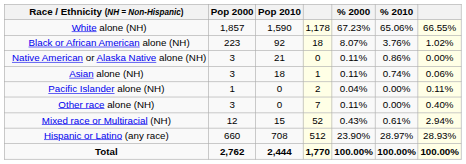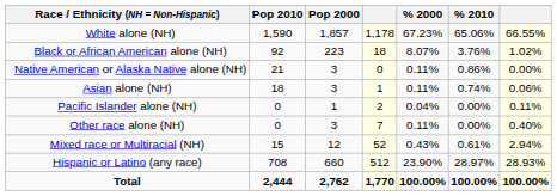 <table class="wikitable" style="text-align:center;">
 <tr>
 <th>Race / Ethnicity <small>(<em>NH = Non-Hispanic</em>)</small></th>
+<th>Pop 2010</th>
 <th>Pop 2000</th>
-<th>Pop 2010</th>
 <th></th>
 <th>% 2000</th>
 <th>% 2010</th>
 <th></th>
 </tr>
 <tr>
 <td>  <a href='#'>White</a> alone (NH)</td>
+<td>1,590</td>
 <td>1,857</td>
-<td>1,590</td>
 <td style='background: #ffffe6;'>1,178</td>
 <td>67.23%</td>
 <td>65.06%</td>
 <td style='background: #ffffe6;'>66.55%</td>
 </tr>
 <tr>
 <td>  <a href='#'>Black or African American</a> alone (NH)</td>
+<td>92</td>
 <td>223</td>
-<td>92</td>
 <td style='background: #ffffe6;'>18</td>
 <td>8.07%</td>
 <td>3.76%</td>
 <td style='background: #ffffe6;'>1.02%</td>
 </tr>
 <tr>
 <td>  <a href='#'>Native American</a> or <a href='#'>Alaska Native</a> alone (NH)</td>
+<td>21</td>
 <td>3</td>
-<td>21</td>
 <td style='background: #ffffe6;'>0</td>
 <td>0.11%</td>
 <td>0.86%</td>
 <td style='background: #ffffe6;'>0.00%</td>
 </tr>
 <tr>
 <td><a href='#'>Asian</a> alone (NH)</td>
+<td>18</td>
 <td>3</td>
-<td>18</td>
 <td style='background: #ffffe6;'>1</td>
 <td>0.11%</td>
 <td>0.74%</td>
 <td style='background: #ffffe6;'>0.06%</td>
 </tr>
 <tr>
 <td><a href='#'>Pacific Islander</a> alone (NH)</td>
+<td>0</td>
 <td>1</td>
-<td>0</td>
 <td style='background: #ffffe6;'>2</td>
 <td>0.04%</td>
 <td>0.00%</td>
 <td style='background: #ffffe6;'>0.11%</td>
 </tr>
 <tr>
 <td><a href='#'>Other race</a> alone (NH)</td>
+<td>0</td>
 <td>3</td>
-<td>0</td>
 <td style='background: #ffffe6;'>7</td>
 <td>0.11%</td>
 <td>0.00%</td>
 <td style='background: #ffffe6;'>0.40%</td>
 </tr>
 <tr>
 <td><a href='#'>Mixed race or Multiracial</a> (NH)</td>
+<td>15</td>
 <td>12</td>
-<td>15</td>
 <td style='background: #ffffe6;'>52</td>
 <td>0.43%</td>
 <td>0.61%</td>
 <td style='background: #ffffe6;'>2.94%</td>
 </tr>
 <tr>
 <td><a href='#'>Hispanic or Latino</a> (any race)</td>
+<td>708</td>
 <td>660</td>
-<td>708</td>
 <td style='background: #ffffe6;'>512</td>
 <td>23.90%</td>
 <td>28.97%</td>
 <td style='background: #ffffe6;'>28.93%</td>
 </tr>
 <tr>
 <td><strong>Total</strong></td>
+<td><strong>2,444</strong></td>
 <td><strong>2,762</strong></td>
-<td><strong>2,444</strong></td>
 <td style='background: #ffffe6;'><strong>1,770</strong></td>
 <td><strong>100.00%</strong></td>
 <td><strong>100.00%</strong></td>
 <td style='background: #ffffe6;'><strong>100.00%</strong></td>
 </tr>
 </table>
